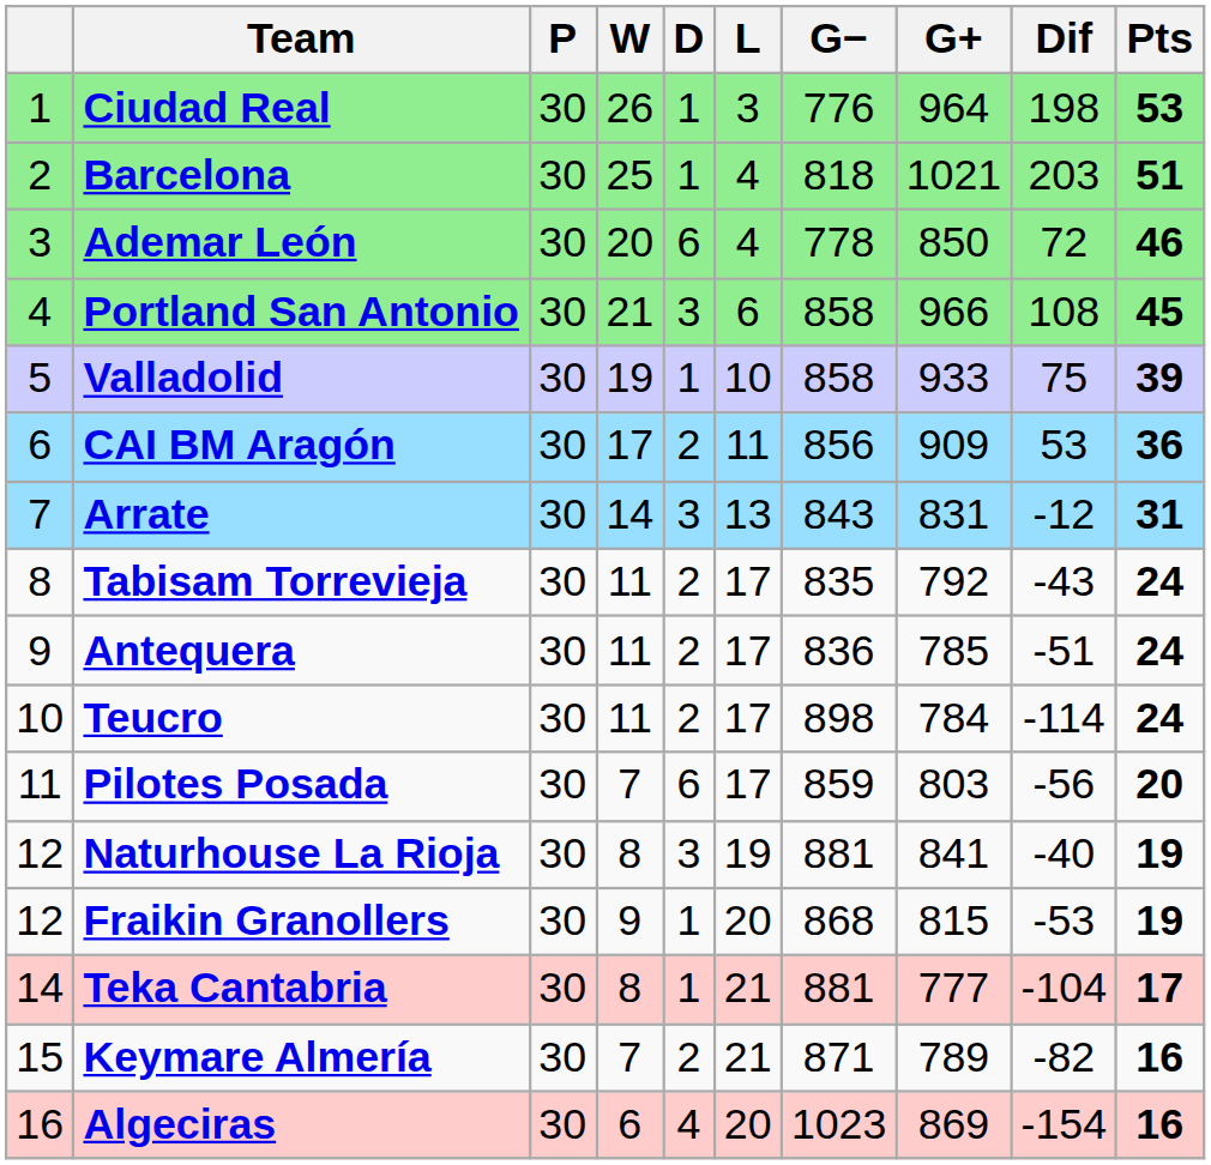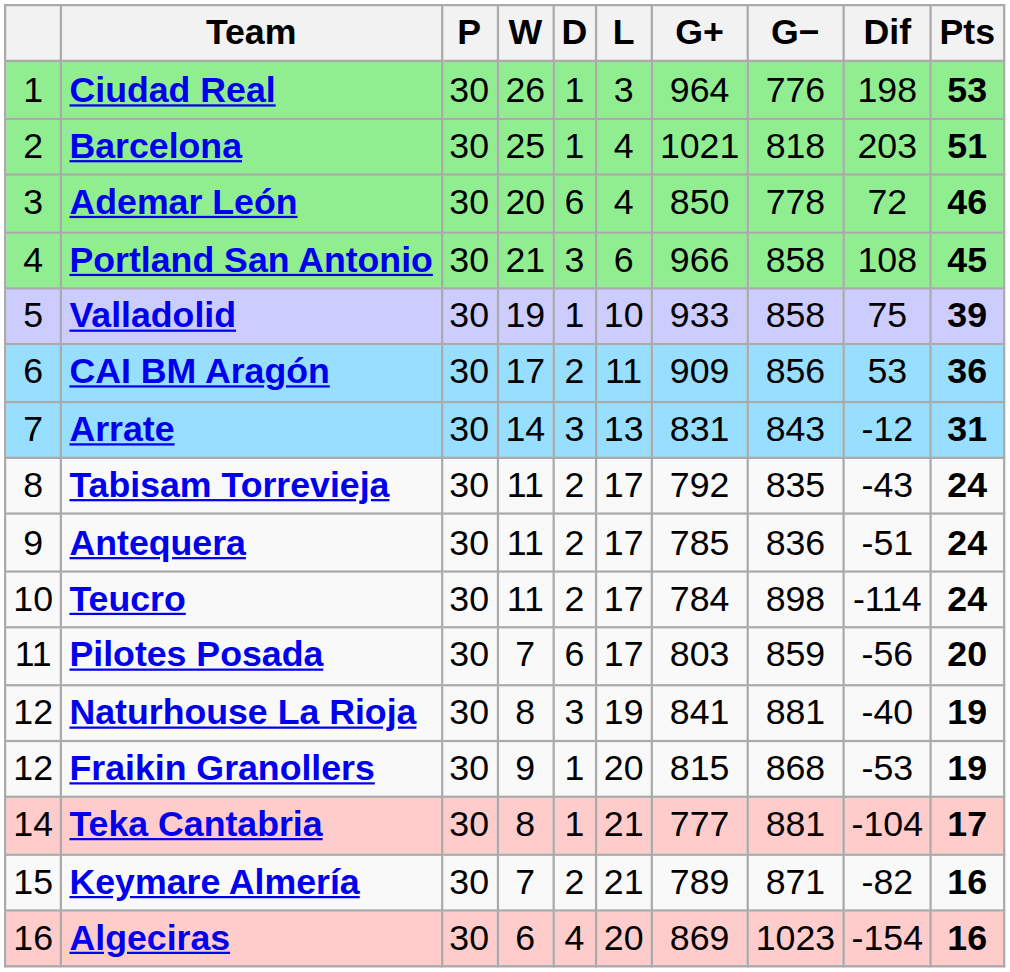 <table class="wikitable sortable" style="text-align: center;">
 <tr>
 <th align="center"></th>
 <th align="center">Team</th>
 <th align="center">P</th>
 <th align="center">W</th>
 <th align="center">D</th>
 <th align="center">L</th>
+<th align="center">G+</th>
 <th align="center">G−</th>
-<th align="center">G+</th>
 <th align="center">Dif</th>
 <th align="center">Pts</th>
 </tr>
 <tr style="background: #90EE90;">
 <td>1</td>
 <td align="left"><strong><a href='#'>Ciudad Real</a></strong></td>
 <td>30</td>
 <td>26</td>
 <td>1</td>
 <td>3</td>
+<td>964</td>
 <td>776</td>
-<td>964</td>
 <td>198</td>
 <td><strong>53</strong></td>
 </tr>
 <tr style="background: #90EE90;">
 <td>2</td>
 <td align="left"><strong><a href='#'>Barcelona</a></strong></td>
 <td>30</td>
 <td>25</td>
 <td>1</td>
 <td>4</td>
+<td>1021</td>
 <td>818</td>
-<td>1021</td>
 <td>203</td>
 <td><strong>51</strong></td>
 </tr>
 <tr style="background: #90EE90;">
 <td>3</td>
 <td align="left"><strong><a href='#'>Ademar León</a></strong></td>
 <td>30</td>
 <td>20</td>
 <td>6</td>
 <td>4</td>
+<td>850</td>
 <td>778</td>
-<td>850</td>
 <td>72</td>
 <td><strong>46</strong></td>
 </tr>
 <tr style="background: #90EE90;">
 <td>4</td>
 <td align="left"><strong><a href='#'>Portland San Antonio</a></strong></td>
 <td>30</td>
 <td>21</td>
 <td>3</td>
 <td>6</td>
+<td>966</td>
 <td>858</td>
-<td>966</td>
 <td>108</td>
 <td><strong>45</strong></td>
 </tr>
 <tr style="background: #ccccff;">
 <td>5</td>
 <td align="left"><strong><a href='#'>Valladolid</a></strong></td>
 <td>30</td>
 <td>19</td>
 <td>1</td>
 <td>10</td>
+<td>933</td>
 <td>858</td>
-<td>933</td>
 <td>75</td>
 <td><strong>39</strong></td>
 </tr>
 <tr style="background: #97DEFF;">
 <td>6</td>
 <td align="left"><strong><a href='#'>CAI BM Aragón</a></strong></td>
 <td>30</td>
 <td>17</td>
 <td>2</td>
 <td>11</td>
+<td>909</td>
 <td>856</td>
-<td>909</td>
 <td>53</td>
 <td><strong>36</strong></td>
 </tr>
 <tr style="background: #97DEFF;">
 <td>7</td>
 <td align="left"><strong><a href='#'>Arrate</a></strong></td>
 <td>30</td>
 <td>14</td>
 <td>3</td>
 <td>13</td>
+<td>831</td>
 <td>843</td>
-<td>831</td>
 <td>-12</td>
 <td><strong>31</strong></td>
 </tr>
 <tr style="background:">
 <td>8</td>
 <td align="left"><strong><a href='#'>Tabisam Torrevieja</a></strong></td>
 <td>30</td>
 <td>11</td>
 <td>2</td>
 <td>17</td>
+<td>792</td>
 <td>835</td>
-<td>792</td>
 <td>-43</td>
 <td><strong>24</strong></td>
 </tr>
 <tr style="background:">
 <td>9</td>
 <td align="left"><strong><a href='#'>Antequera</a></strong></td>
 <td>30</td>
 <td>11</td>
 <td>2</td>
 <td>17</td>
+<td>785</td>
 <td>836</td>
-<td>785</td>
 <td>-51</td>
 <td><strong>24</strong></td>
 </tr>
 <tr style="background:">
 <td>10</td>
 <td align="left"><strong><a href='#'>Teucro</a></strong></td>
 <td>30</td>
 <td>11</td>
 <td>2</td>
 <td>17</td>
+<td>784</td>
 <td>898</td>
-<td>784</td>
 <td>-114</td>
 <td><strong>24</strong></td>
 </tr>
 <tr style="background:">
 <td>11</td>
 <td align="left"><strong><a href='#'>Pilotes Posada</a></strong></td>
 <td>30</td>
 <td>7</td>
 <td>6</td>
 <td>17</td>
+<td>803</td>
 <td>859</td>
-<td>803</td>
 <td>-56</td>
 <td><strong>20</strong></td>
 </tr>
 <tr style="background:">
 <td>12</td>
 <td align="left"><strong><a href='#'>Naturhouse La Rioja</a></strong></td>
 <td>30</td>
 <td>8</td>
 <td>3</td>
 <td>19</td>
+<td>841</td>
 <td>881</td>
-<td>841</td>
 <td>-40</td>
 <td><strong>19</strong></td>
 </tr>
 <tr style="background:">
 <td>12</td>
 <td align="left"><strong><a href='#'>Fraikin Granollers</a></strong></td>
 <td>30</td>
 <td>9</td>
 <td>1</td>
 <td>20</td>
+<td>815</td>
 <td>868</td>
-<td>815</td>
 <td>-53</td>
 <td><strong>19</strong></td>
 </tr>
 <tr style="background: #FFCCCC;">
 <td>14</td>
 <td align="left"><strong><a href='#'>Teka Cantabria</a></strong></td>
 <td>30</td>
 <td>8</td>
 <td>1</td>
 <td>21</td>
+<td>777</td>
 <td>881</td>
-<td>777</td>
 <td>-104</td>
 <td><strong>17</strong></td>
 </tr>
 <tr style="background:">
 <td>15</td>
 <td align="left"><strong><a href='#'>Keymare Almería</a></strong></td>
 <td>30</td>
 <td>7</td>
 <td>2</td>
 <td>21</td>
+<td>789</td>
 <td>871</td>
-<td>789</td>
 <td>-82</td>
 <td><strong>16</strong></td>
 </tr>
 <tr style="background: #FFCCCC;">
 <td>16</td>
 <td align="left"><strong><a href='#'>Algeciras</a></strong></td>
 <td>30</td>
 <td>6</td>
 <td>4</td>
 <td>20</td>
+<td>869</td>
 <td>1023</td>
-<td>869</td>
 <td>-154</td>
 <td><strong>16</strong></td>
 </tr>
 </table>
